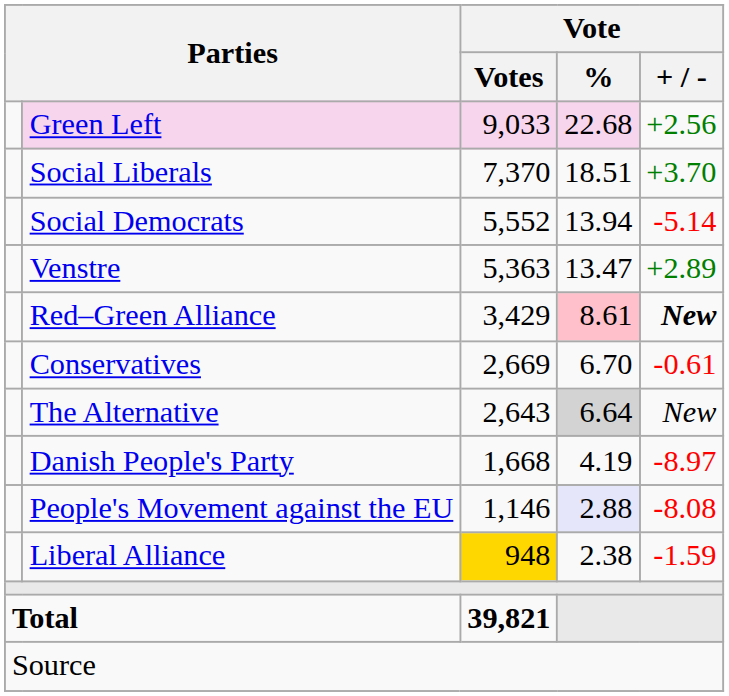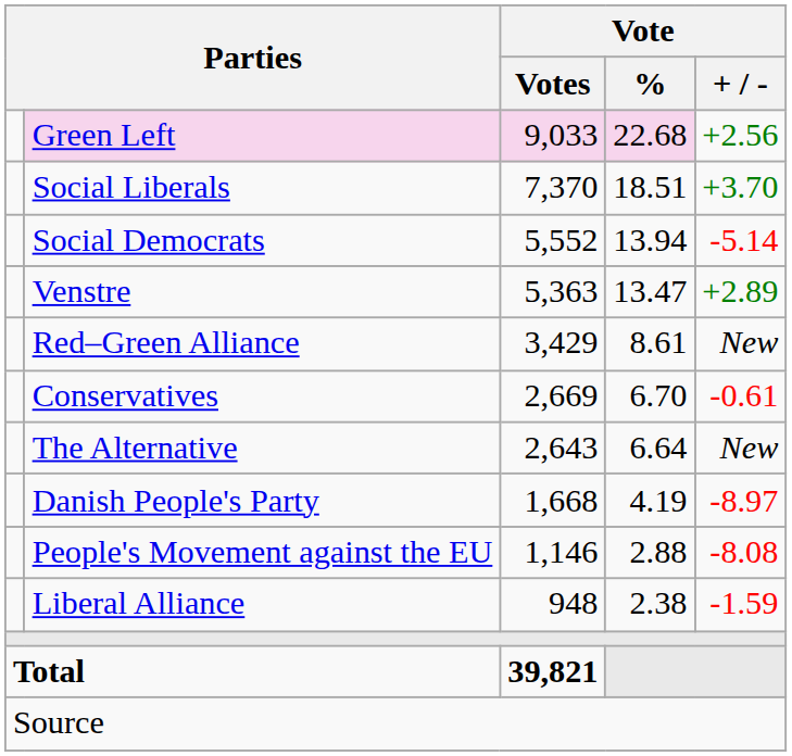 <table class="wikitable" style="text-align:right;">
 <tr>
 <th style="text-align:centre;" rowspan="2" colspan="2" width="225">Parties</th>
 <th colspan="3">Vote</th>
 </tr>
 <tr>
 <th width="15">Votes</th>
 <th width="15">%</th>
 <th width="15">+ / -</th>
 </tr>
 <tr>
 <td width="2" style="color:inherit;background:"></td>
 <td bgcolor=#f7d5ed   align="left"><a href='#'>Green Left</a></td>
 <td bgcolor=#f7d5ed>9,033</td>
 <td bgcolor=#f7d5ed>22.68</td>
 <td style=color:green;>+2.56</td>
 </tr>
 <tr>
 <td width="2" style="color:inherit;background:"></td>
 <td align="left"><a href='#'>Social Liberals</a></td>
 <td>7,370</td>
 <td>18.51</td>
 <td style=color:green;>+3.70</td>
 </tr>
 <tr>
 <td width="2" style="color:inherit;background:"></td>
 <td align="left"><a href='#'>Social Democrats</a></td>
 <td>5,552</td>
 <td>13.94</td>
 <td style=color:red;>-5.14</td>
 </tr>
 <tr>
 <td width="2" style="color:inherit;background:"></td>
 <td align="left"><a href='#'>Venstre</a></td>
 <td>5,363</td>
 <td>13.47</td>
 <td style=color:green;>+2.89</td>
 </tr>
 <tr>
 <td width="2" style="color:inherit;background:"></td>
 <td align="left"><a href='#'>Red–Green Alliance</a></td>
 <td>3,429</td>
-<td style="background: pink;">8.61</td>
-<td><strong><em>New</em></strong></td>
+<td>8.61</td>
+<td><em>New</em></td>
 </tr>
 <tr>
 <td width="2" style="color:inherit;background:"></td>
 <td align="left"><a href='#'>Conservatives</a></td>
 <td>2,669</td>
 <td>6.70</td>
 <td style=color:red;>-0.61</td>
 </tr>
 <tr>
 <td width="2" style="color:inherit;background:"></td>
 <td align="left"><a href='#'>The Alternative</a></td>
 <td>2,643</td>
-<td style="background: lightgrey;">6.64</td>
+<td>6.64</td>
 <td><em>New</em></td>
 </tr>
 <tr>
 <td width="2" style="color:inherit;background:"></td>
 <td align="left"><a href='#'>Danish People's Party</a></td>
 <td>1,668</td>
 <td>4.19</td>
 <td style=color:red;>-8.97</td>
 </tr>
 <tr>
 <td width="2" style="color:inherit;background:"></td>
 <td align="left"><a href='#'>People's Movement against the EU</a></td>
 <td>1,146</td>
-<td style="background: lavender;">2.88</td>
+<td>2.88</td>
 <td style=color:red;>-8.08</td>
 </tr>
 <tr>
 <td width="2" style="color:inherit;background:"></td>
 <td align="left"><a href='#'>Liberal Alliance</a></td>
-<td style="background: gold;">948</td>
+<td>948</td>
 <td>2.38</td>
 <td style=color:red;>-1.59</td>
 </tr>
 <tr>
 <td colspan="7" bgcolor="#E9E9E9"></td>
 </tr>
 <tr>
 <td align="left" colspan="2"><strong>Total</strong></td>
 <td><strong>39,821</strong></td>
 <td bgcolor="#E9E9E9" colspan="2"></td>
 </tr>
 <tr>
 <td align="left" colspan="6">Source</td>
 </tr>
 </table>
